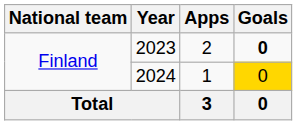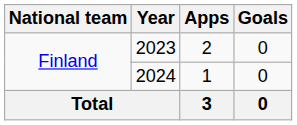 <table class="wikitable" style="text-align: center;">
 <tr>
 <th>National team</th>
 <th>Year</th>
 <th>Apps</th>
 <th>Goals</th>
 </tr>
 <tr>
 <td rowspan="2"><a href='#'>Finland</a></td>
 <td>2023</td>
 <td>2</td>
-<td><strong>0</strong></td>
+<td>0</td>
 </tr>
 <tr>
 <td>2024</td>
 <td>1</td>
-<td style="background: gold;">0</td>
+<td>0</td>
 </tr>
 <tr>
 <th colspan="2">Total</th>
 <th>3</th>
 <th>0</th>
 </tr>
 </table>
